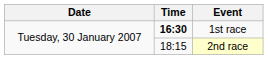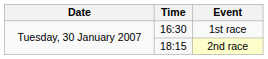 <table class = "wikitable" style="text-align:center;">
 <tr>
 <th width=220>Date</th>
 <th width=50>Time</th>
 <th width=100>Event</th>
 </tr>
 <tr>
 <td rowspan=2>Tuesday, 30 January 2007</td>
-<td><strong>16:30</strong></td>
+<td>16:30</td>
 <td>1st race</td>
 </tr>
 <tr>
 <td>18:15</td>
 <td bgcolor=ffffcc>2nd race</td>
 </tr>
 </table>
